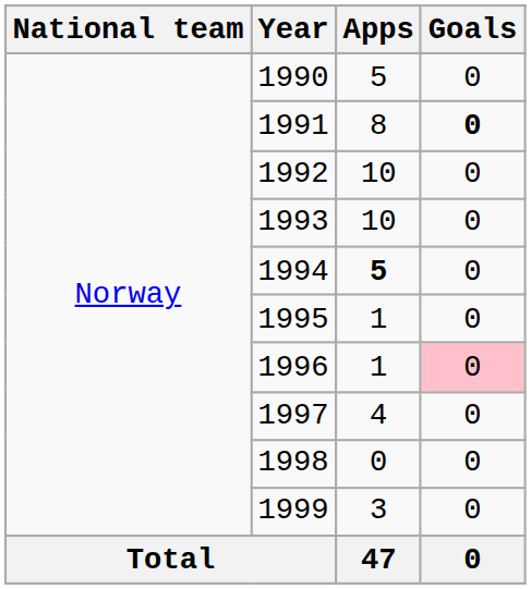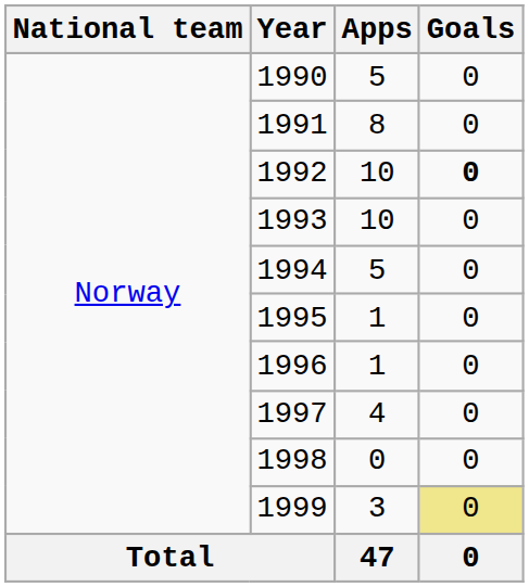 <table class="wikitable" style="text-align:center">
 <tr>
 <th>National team</th>
 <th>Year</th>
 <th>Apps</th>
 <th>Goals</th>
 </tr>
 <tr>
 <td rowspan="10"><a href='#'>Norway</a></td>
 <td>1990</td>
 <td>5</td>
 <td>0</td>
 </tr>
 <tr>
 <td>1991</td>
 <td>8</td>
-<td><strong>0</strong></td>
+<td>0</td>
 </tr>
 <tr>
 <td>1992</td>
 <td>10</td>
-<td>0</td>
+<td><strong>0</strong></td>
 </tr>
 <tr>
 <td>1993</td>
 <td>10</td>
 <td>0</td>
 </tr>
 <tr>
 <td>1994</td>
-<td><strong>5</strong></td>
+<td>5</td>
 <td>0</td>
 </tr>
 <tr>
 <td>1995</td>
 <td>1</td>
 <td>0</td>
 </tr>
 <tr>
 <td>1996</td>
 <td>1</td>
-<td style="background: pink;">0</td>
+<td>0</td>
 </tr>
 <tr>
 <td>1997</td>
 <td>4</td>
 <td>0</td>
 </tr>
 <tr>
 <td>1998</td>
 <td>0</td>
 <td>0</td>
 </tr>
 <tr>
 <td>1999</td>
 <td>3</td>
-<td>0</td>
+<td style="background: khaki;">0</td>
 </tr>
 <tr>
 <th colspan="2">Total</th>
 <th>47</th>
 <th>0</th>
 </tr>
 </table>
